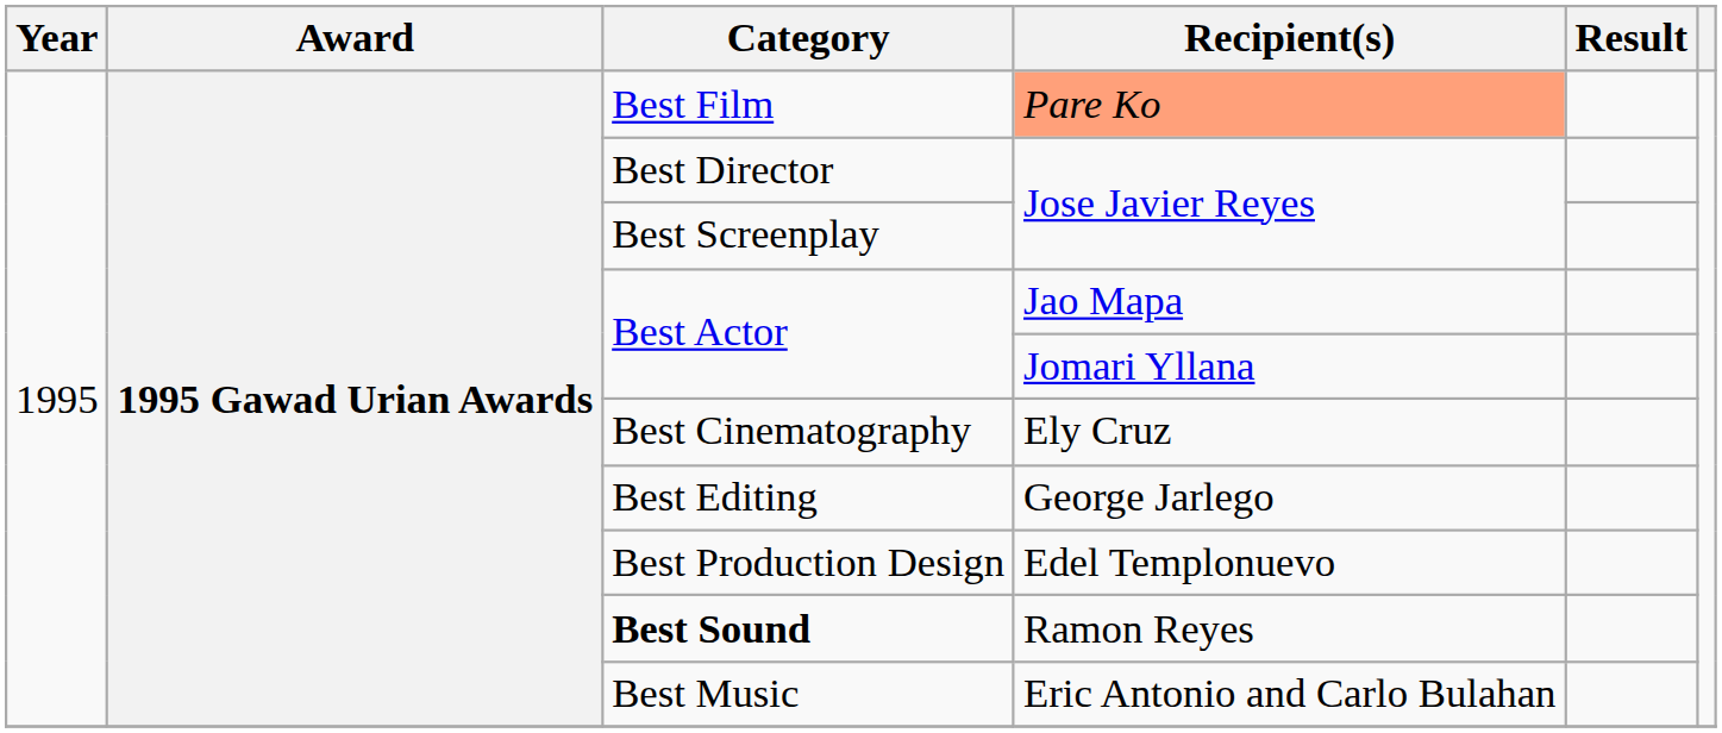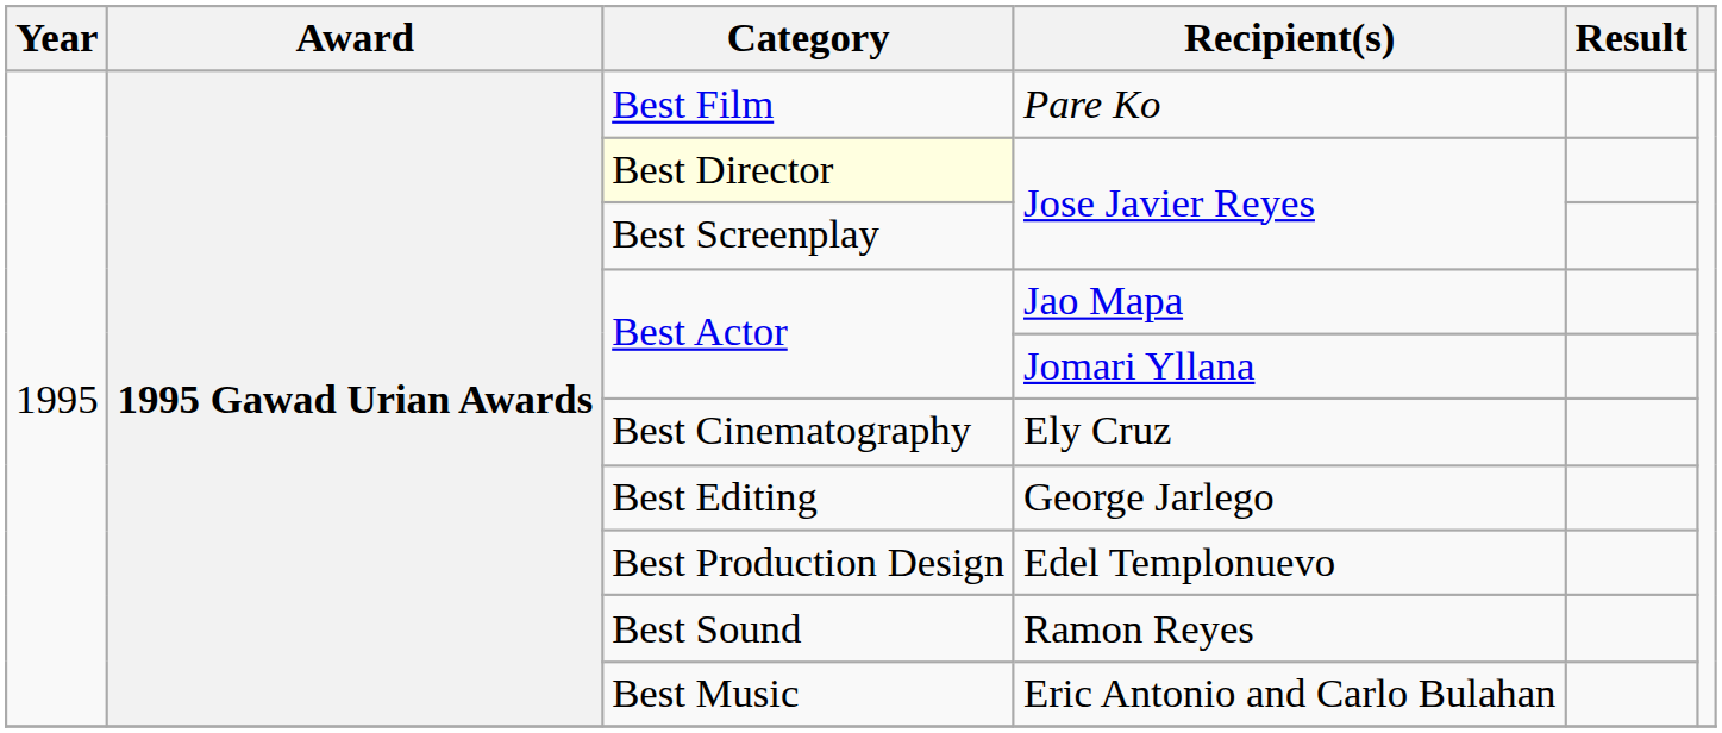 <table class="wikitable sortable plainrowheaders">
 <tr>
 <th scope="col" data-sort-type="date">Year</th>
 <th scope="col">Award</th>
 <th scope="col">Category</th>
 <th scope="col">Recipient(s)</th>
 <th scope="col">Result</th>
 <th scope="col" class="unsortable"></th>
 </tr>
 <tr>
 <td rowspan="10">1995</td>
 <th rowspan="10" scope="row">1995 Gawad Urian Awards</th>
 <td><a href='#'>Best Film</a></td>
-<td style="background: lightsalmon;"><em>Pare Ko</em></td>
+<td><em>Pare Ko</em></td>
 <td></td>
 <td rowspan="10"></td>
 </tr>
 <tr>
-<td>Best Director</td>
+<td style="background: lightyellow;">Best Director</td>
 <td rowspan="2"><a href='#'>Jose Javier Reyes</a></td>
 <td></td>
 </tr>
 <tr>
 <td>Best Screenplay</td>
 <td></td>
 </tr>
 <tr>
 <td rowspan="2"><a href='#'>Best Actor</a></td>
 <td><a href='#'>Jao Mapa</a></td>
 <td></td>
 </tr>
 <tr>
 <td><a href='#'>Jomari Yllana</a></td>
 <td></td>
 </tr>
 <tr>
 <td>Best Cinematography</td>
 <td>Ely Cruz</td>
 <td></td>
 </tr>
 <tr>
 <td>Best Editing</td>
 <td>George Jarlego</td>
 <td></td>
 </tr>
 <tr>
 <td>Best Production Design</td>
 <td>Edel Templonuevo</td>
 <td></td>
 </tr>
 <tr>
-<td><strong>Best Sound</strong></td>
+<td>Best Sound</td>
 <td>Ramon Reyes</td>
 <td></td>
 </tr>
 <tr>
 <td>Best Music</td>
 <td>Eric Antonio and Carlo Bulahan</td>
 <td></td>
 </tr>
 <tr>
 </tr>
 </table>
